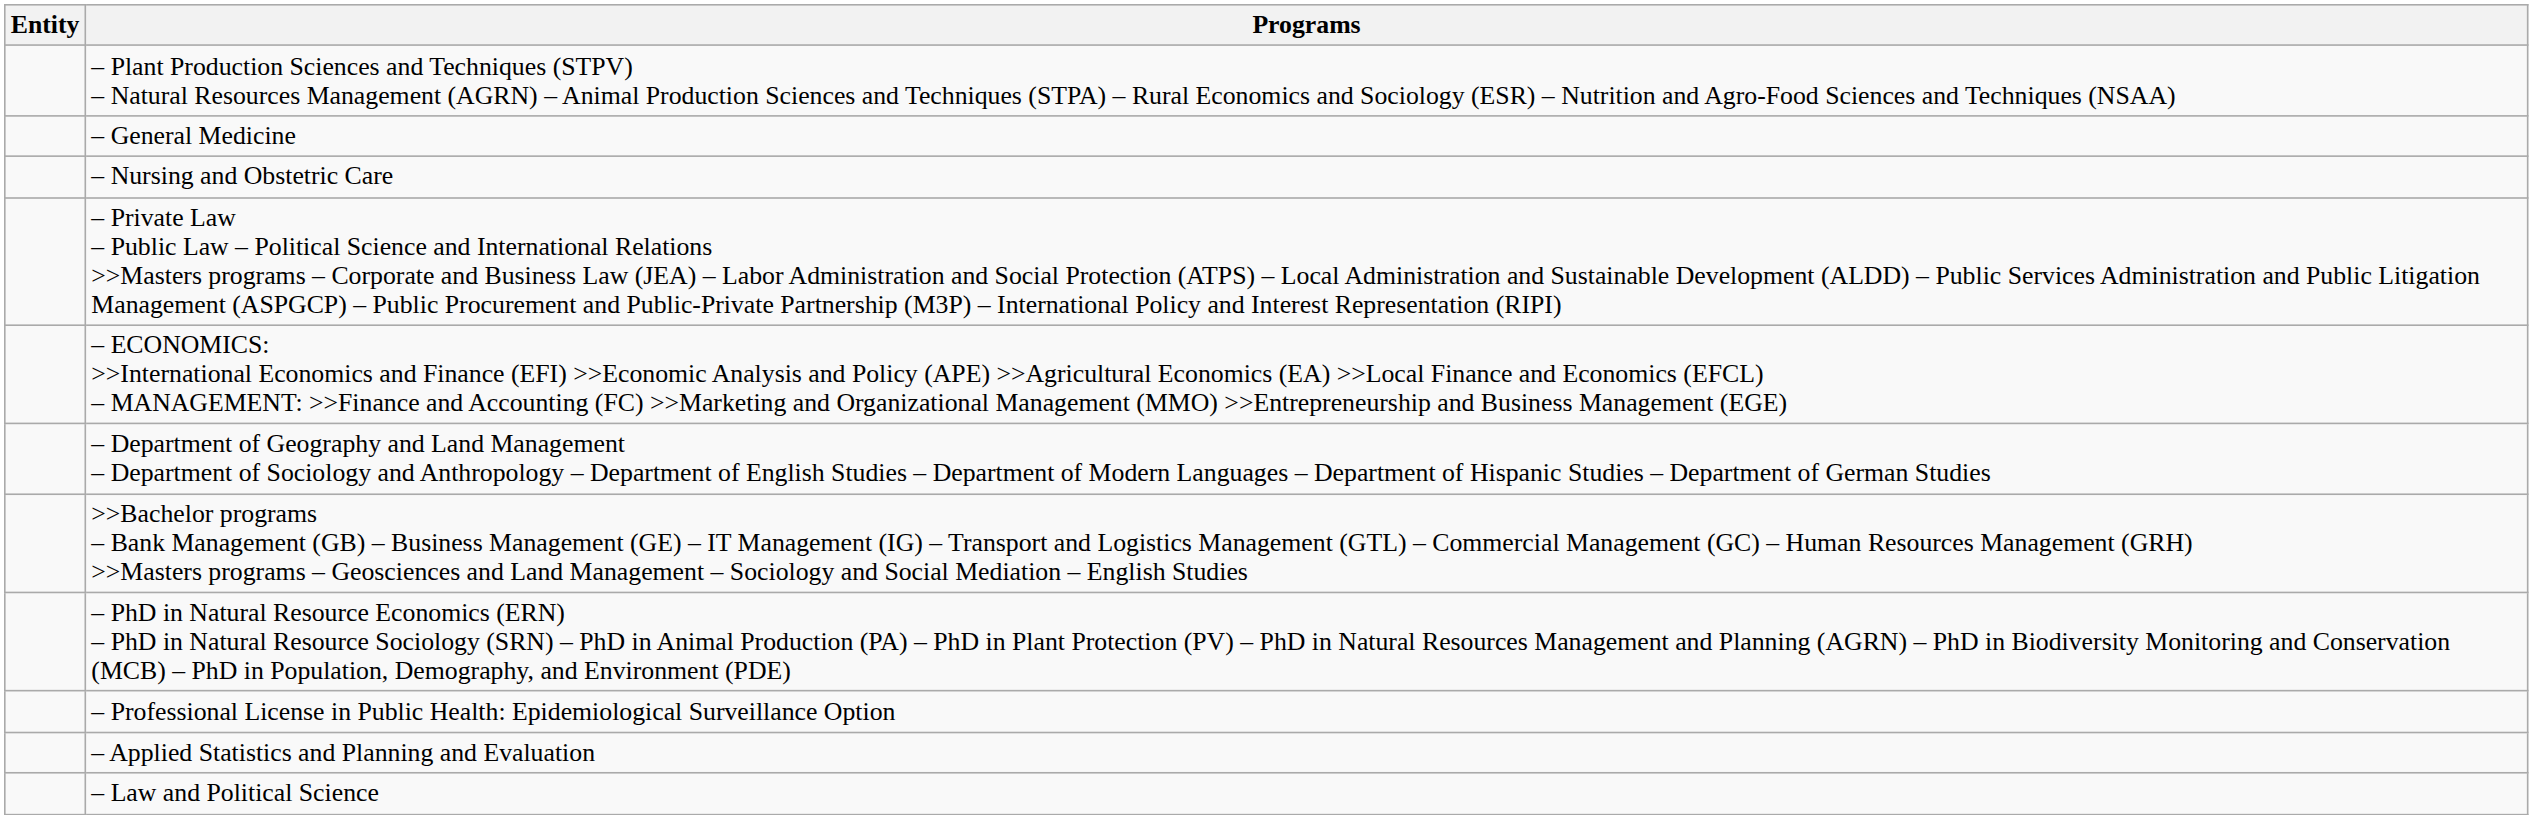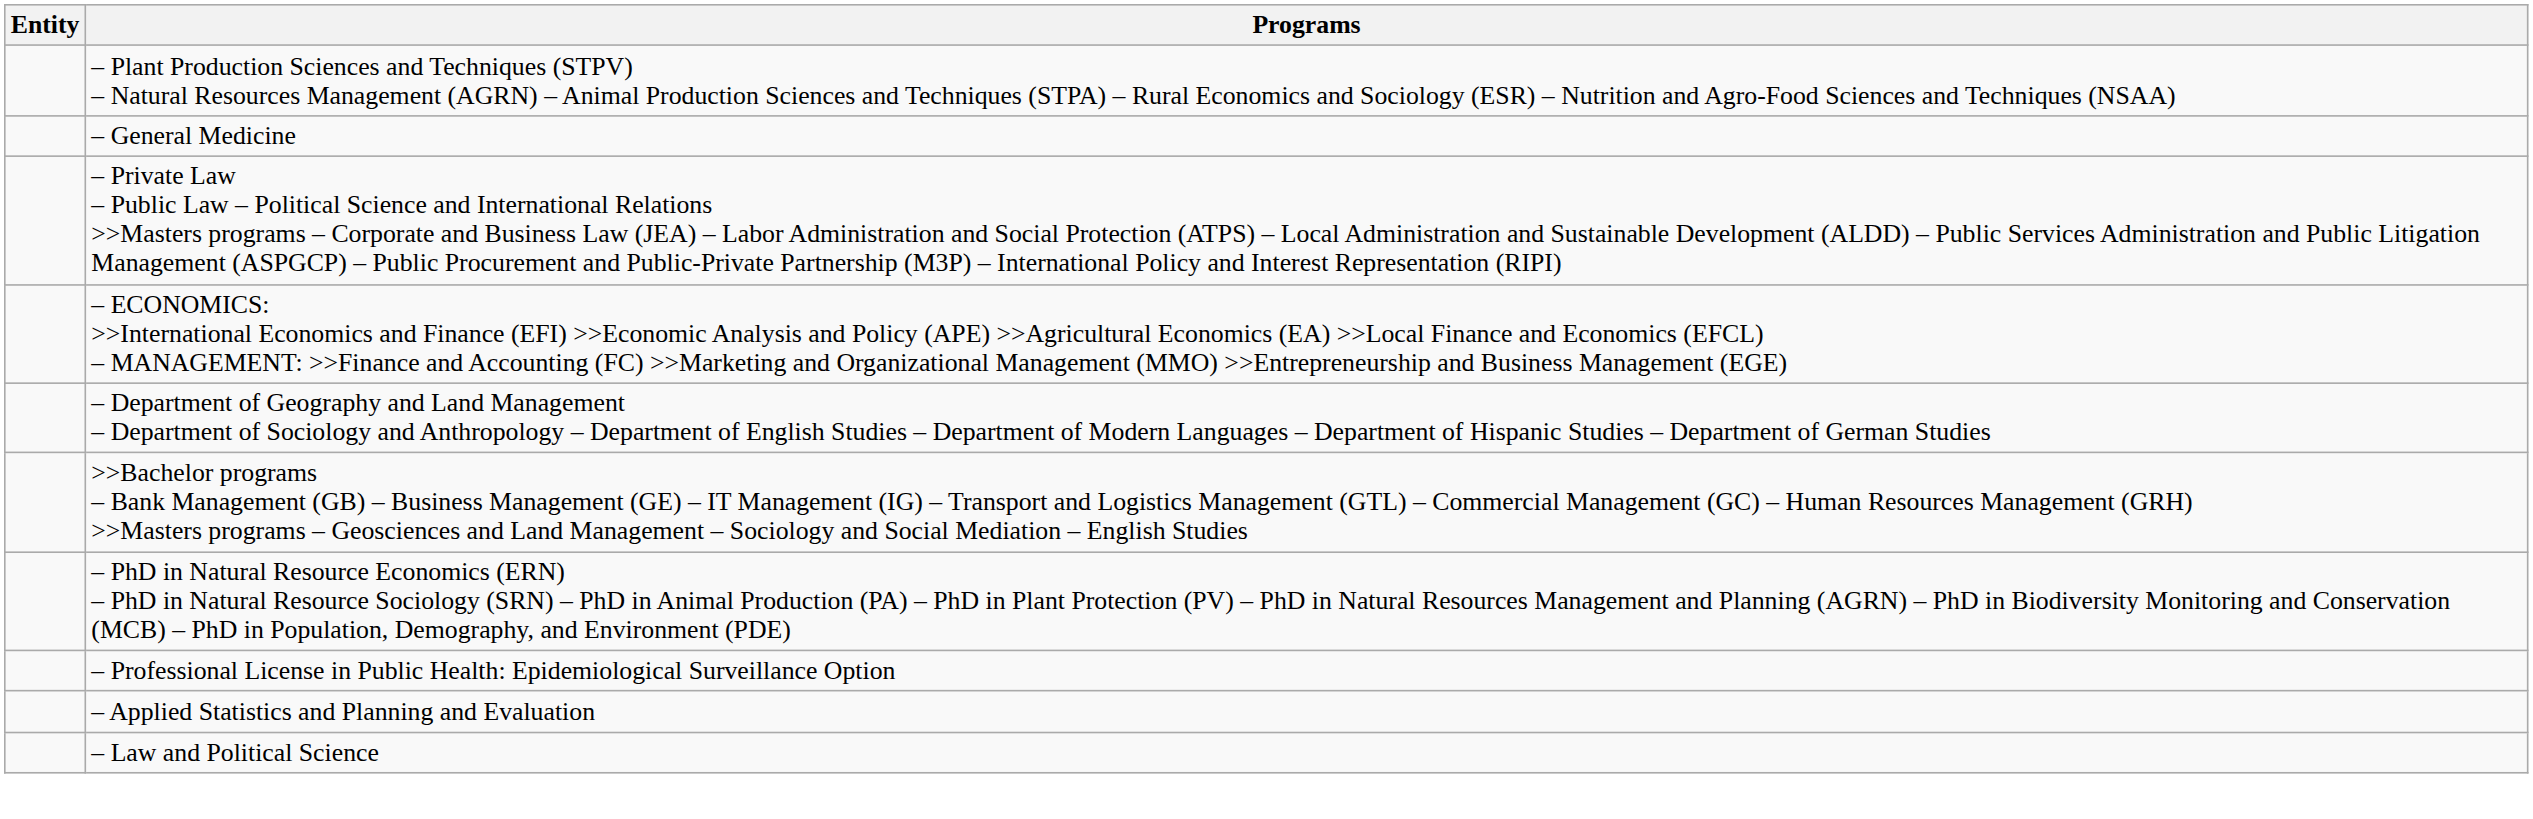 <table class="wikitable">
 <tr>
 <th>Entity</th>
 <th>Programs</th>
 </tr>
 <tr>
 <td></td>
 <td>– Plant Production Sciences and Techniques (STPV)<br>– Natural Resources Management (AGRN) – Animal Production Sciences and Techniques (STPA) – Rural Economics and Sociology (ESR) – Nutrition and Agro-Food Sciences and Techniques (NSAA)</td>
 </tr>
 <tr>
 <td></td>
 <td>– General Medicine</td>
-</tr>
-<tr>
-<td></td>
-<td>– Nursing and Obstetric Care</td>
 </tr>
 <tr>
 <td></td>
 <td>– Private Law<br>– Public Law – Political Science and International Relations<br>>>Masters programs – Corporate and Business Law (JEA) – Labor Administration and Social Protection (ATPS) – Local Administration and Sustainable Development (ALDD) – Public Services Administration and Public Litigation Management (ASPGCP) – Public Procurement and Public-Private Partnership (M3P) – International Policy and Interest Representation (RIPI)</td>
 </tr>
 <tr>
 <td></td>
 <td>– ECONOMICS:<br>>>International Economics and Finance (EFI) >>Economic Analysis and Policy (APE) >>Agricultural Economics (EA) >>Local Finance and Economics (EFCL)<br>– MANAGEMENT: >>Finance and Accounting (FC) >>Marketing and Organizational Management (MMO) >>Entrepreneurship and Business Management (EGE)</td>
 </tr>
 <tr>
 <td></td>
 <td>– Department of Geography and Land Management<br>– Department of Sociology and Anthropology – Department of English Studies – Department of Modern Languages – Department of Hispanic Studies – Department of German Studies</td>
 </tr>
 <tr>
 <td></td>
 <td>>>Bachelor programs<br>– Bank Management (GB) – Business Management (GE) – IT Management (IG) – Transport and Logistics Management (GTL) – Commercial Management (GC) – Human Resources Management (GRH)<br>>>Masters programs – Geosciences and Land Management – Sociology and Social Mediation – English Studies</td>
 </tr>
 <tr>
 <td></td>
 <td>– PhD in Natural Resource Economics (ERN)<br>– PhD in Natural Resource Sociology (SRN) – PhD in Animal Production (PA) – PhD in Plant Protection (PV) – PhD in Natural Resources Management and Planning (AGRN) – PhD in Biodiversity Monitoring and Conservation (MCB) – PhD in Population, Demography, and Environment (PDE)</td>
 </tr>
 <tr>
 <td></td>
 <td>– Professional License in Public Health: Epidemiological Surveillance Option</td>
 </tr>
 <tr>
 <td></td>
 <td>– Applied Statistics and Planning and Evaluation</td>
 </tr>
 <tr>
 <td></td>
 <td>– Law and Political Science</td>
 </tr>
 </table>
